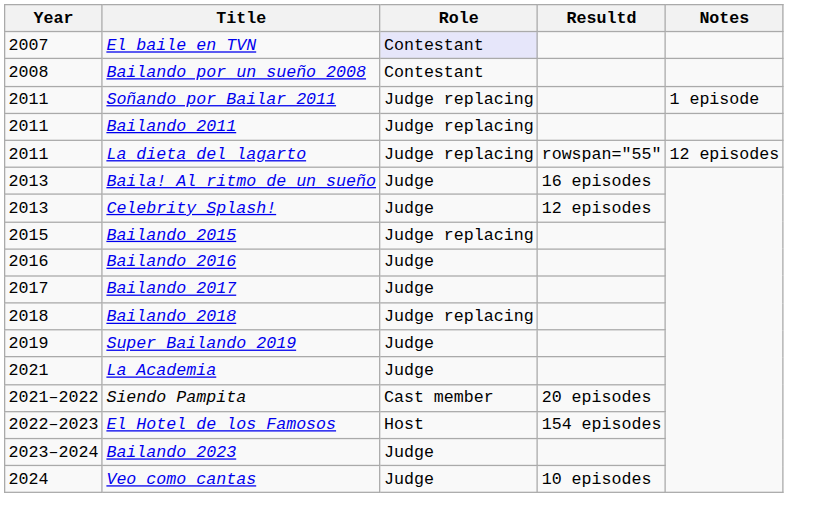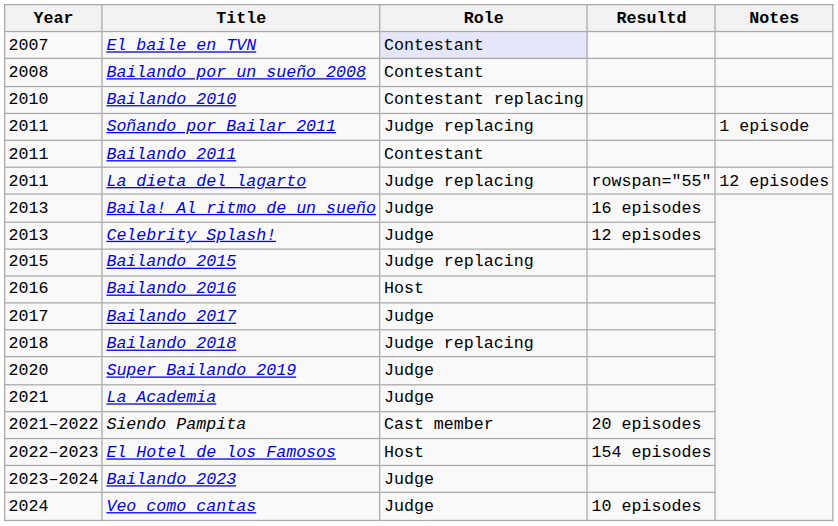 <table class="wikitable";>
 <tr>
 <th>Year</th>
 <th>Title</th>
 <th>Role</th>
 <th>Resultd</th>
 <th>Notes</th>
 </tr>
 <tr>
 <td>2007</td>
 <td> <em><a href='#'>El baile en TVN</a></em></td>
 <td style="background: lavender;">Contestant</td>
 <td></td>
 <td></td>
 </tr>
 <tr>
 <td>2008</td>
 <td> <em><a href='#'>Bailando por un sueño 2008</a></em></td>
 <td>Contestant</td>
 <td></td>
 <td></td>
 </tr>
 <tr>
+<td>2010</td>
+<td> <em><a href='#'>Bailando 2010</a></em></td>
+<td>Contestant replacing</td>
+<td></td>
+<td></td>
+</tr>
+<tr>
 <td>2011</td>
 <td> <em><a href='#'>Soñando por Bailar 2011</a></em></td>
 <td>Judge replacing</td>
 <td></td>
 <td>1 episode</td>
 </tr>
 <tr>
 <td>2011</td>
 <td> <em><a href='#'>Bailando 2011</a></em></td>
-<td>Judge replacing</td>
+<td>Contestant</td>
 <td></td>
 <td></td>
 </tr>
 <tr>
 <td>2011</td>
 <td> <em><a href='#'>La dieta del lagarto</a></em></td>
 <td>Judge replacing</td>
 <td>rowspan="55" </td>
 <td>12 episodes</td>
 </tr>
 <tr>
 <td>2013</td>
 <td> <em><a href='#'>Baila! Al ritmo de un sueño</a></em></td>
 <td>Judge</td>
 <td>16 episodes</td>
 </tr>
 <tr>
 <td>2013</td>
 <td> <em><a href='#'>Celebrity Splash!</a></em></td>
 <td>Judge</td>
 <td>12 episodes</td>
 </tr>
 <tr>
 <td>2015</td>
 <td> <em><a href='#'>Bailando 2015</a></em></td>
 <td>Judge replacing</td>
 <td></td>
 </tr>
 <tr>
 <td>2016</td>
 <td> <em><a href='#'>Bailando 2016</a></em></td>
-<td>Judge</td>
+<td>Host</td>
 <td></td>
 </tr>
 <tr>
 <td>2017</td>
 <td> <em><a href='#'>Bailando 2017</a></em></td>
 <td>Judge</td>
 <td></td>
 </tr>
 <tr>
 <td>2018</td>
 <td> <em><a href='#'>Bailando 2018</a></em></td>
 <td>Judge replacing</td>
 <td></td>
 </tr>
 <tr>
-<td>2019</td>
+<td>2020</td>
 <td> <em><a href='#'>Super Bailando 2019</a></em></td>
 <td>Judge</td>
 <td></td>
 </tr>
 <tr>
 <td>2021</td>
 <td> <em><a href='#'>La Academia</a></em></td>
 <td>Judge</td>
 <td></td>
 </tr>
 <tr>
 <td>2021–2022</td>
 <td> <em>Siendo Pampita</em></td>
 <td>Cast member</td>
 <td>20 episodes</td>
 </tr>
 <tr>
 <td>2022–2023</td>
 <td> <em><a href='#'>El Hotel de los Famosos</a></em></td>
 <td>Host</td>
 <td>154 episodes</td>
 </tr>
 <tr>
 <td>2023–2024</td>
 <td> <em><a href='#'>Bailando 2023</a></em></td>
 <td>Judge</td>
 <td></td>
 </tr>
 <tr>
 <td>2024</td>
 <td> <em><a href='#'>Veo como cantas</a></em></td>
 <td>Judge</td>
 <td>10 episodes</td>
 </tr>
 </table>
